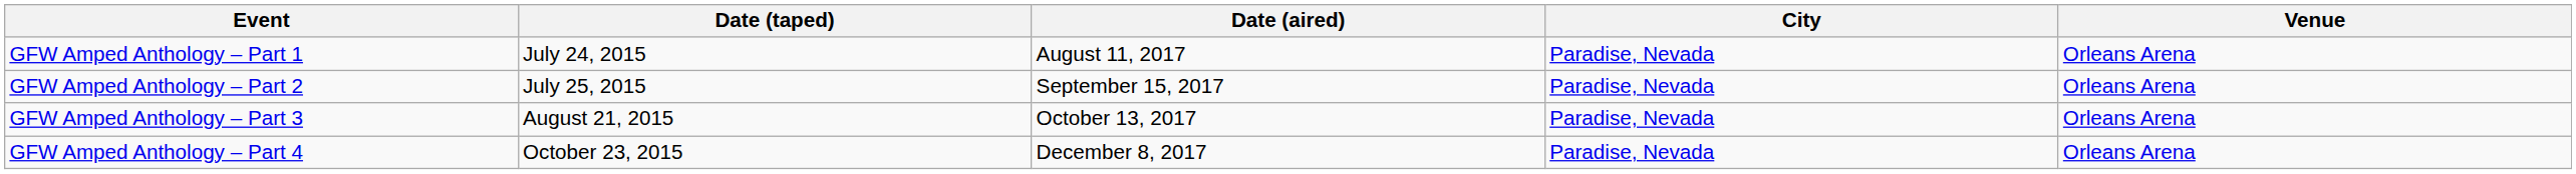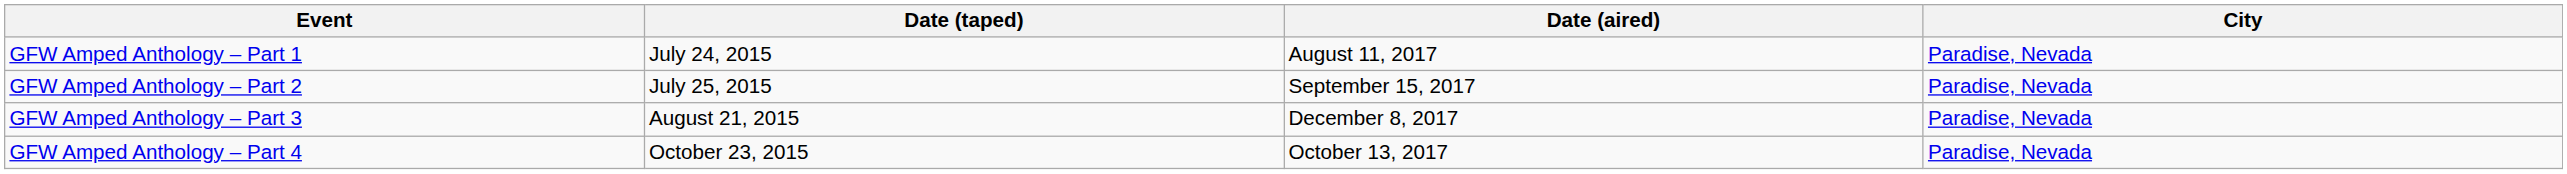 <table class="wikitable sortable" width="100%" style="align: center">
 <tr>
 <th width="20%">Event</th>
 <th width="20%">Date (taped)</th>
 <th width="20%">Date (aired)</th>
 <th width="20%">City</th>
-<th width="20%">Venue</th>
 </tr>
 <tr>
 <td><a href='#'>GFW Amped Anthology – Part 1</a></td>
 <td>July 24, 2015</td>
 <td>August 11, 2017</td>
 <td><a href='#'>Paradise, Nevada</a></td>
-<td><a href='#'>Orleans Arena</a></td>
 </tr>
 <tr>
 <td><a href='#'>GFW Amped Anthology – Part 2</a></td>
 <td>July 25, 2015</td>
 <td>September 15, 2017</td>
 <td><a href='#'>Paradise, Nevada</a></td>
-<td><a href='#'>Orleans Arena</a></td>
 </tr>
 <tr>
 <td><a href='#'>GFW Amped Anthology – Part 3</a></td>
 <td>August 21, 2015</td>
-<td>October 13, 2017</td>
+<td>December 8, 2017</td>
 <td><a href='#'>Paradise, Nevada</a></td>
-<td><a href='#'>Orleans Arena</a></td>
 </tr>
 <tr>
 <td><a href='#'>GFW Amped Anthology – Part 4</a></td>
 <td>October 23, 2015</td>
-<td>December 8, 2017</td>
+<td>October 13, 2017</td>
 <td><a href='#'>Paradise, Nevada</a></td>
-<td><a href='#'>Orleans Arena</a></td>
 </tr>
 </table>
